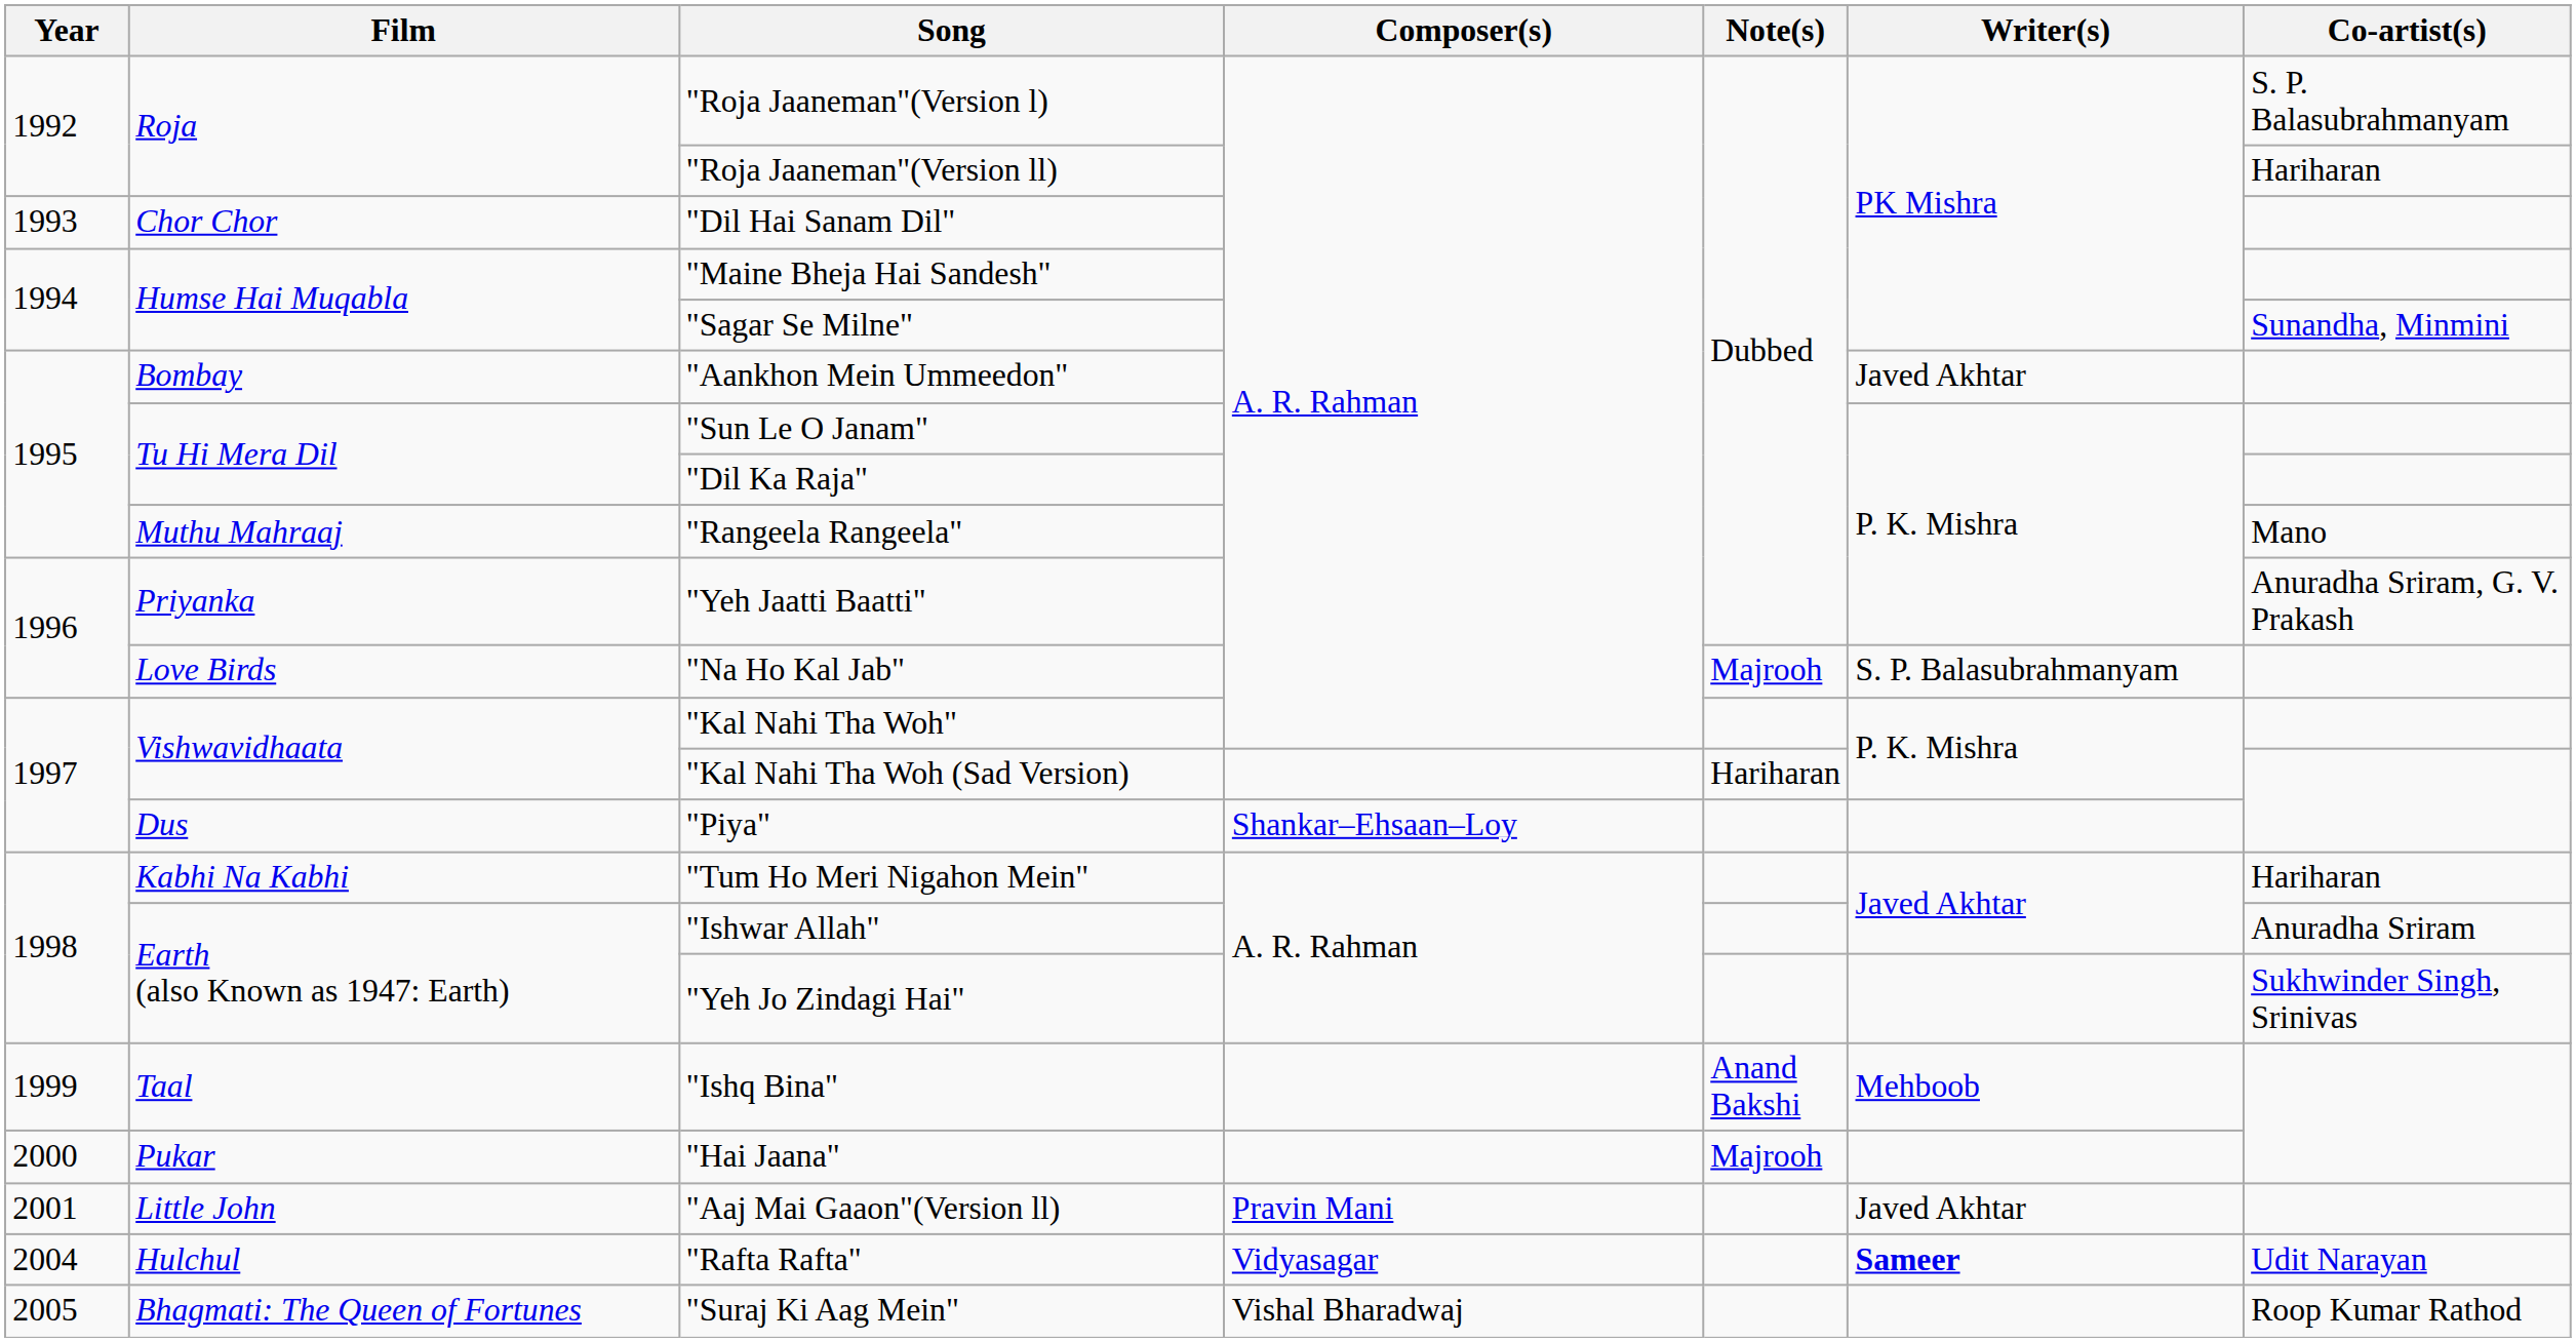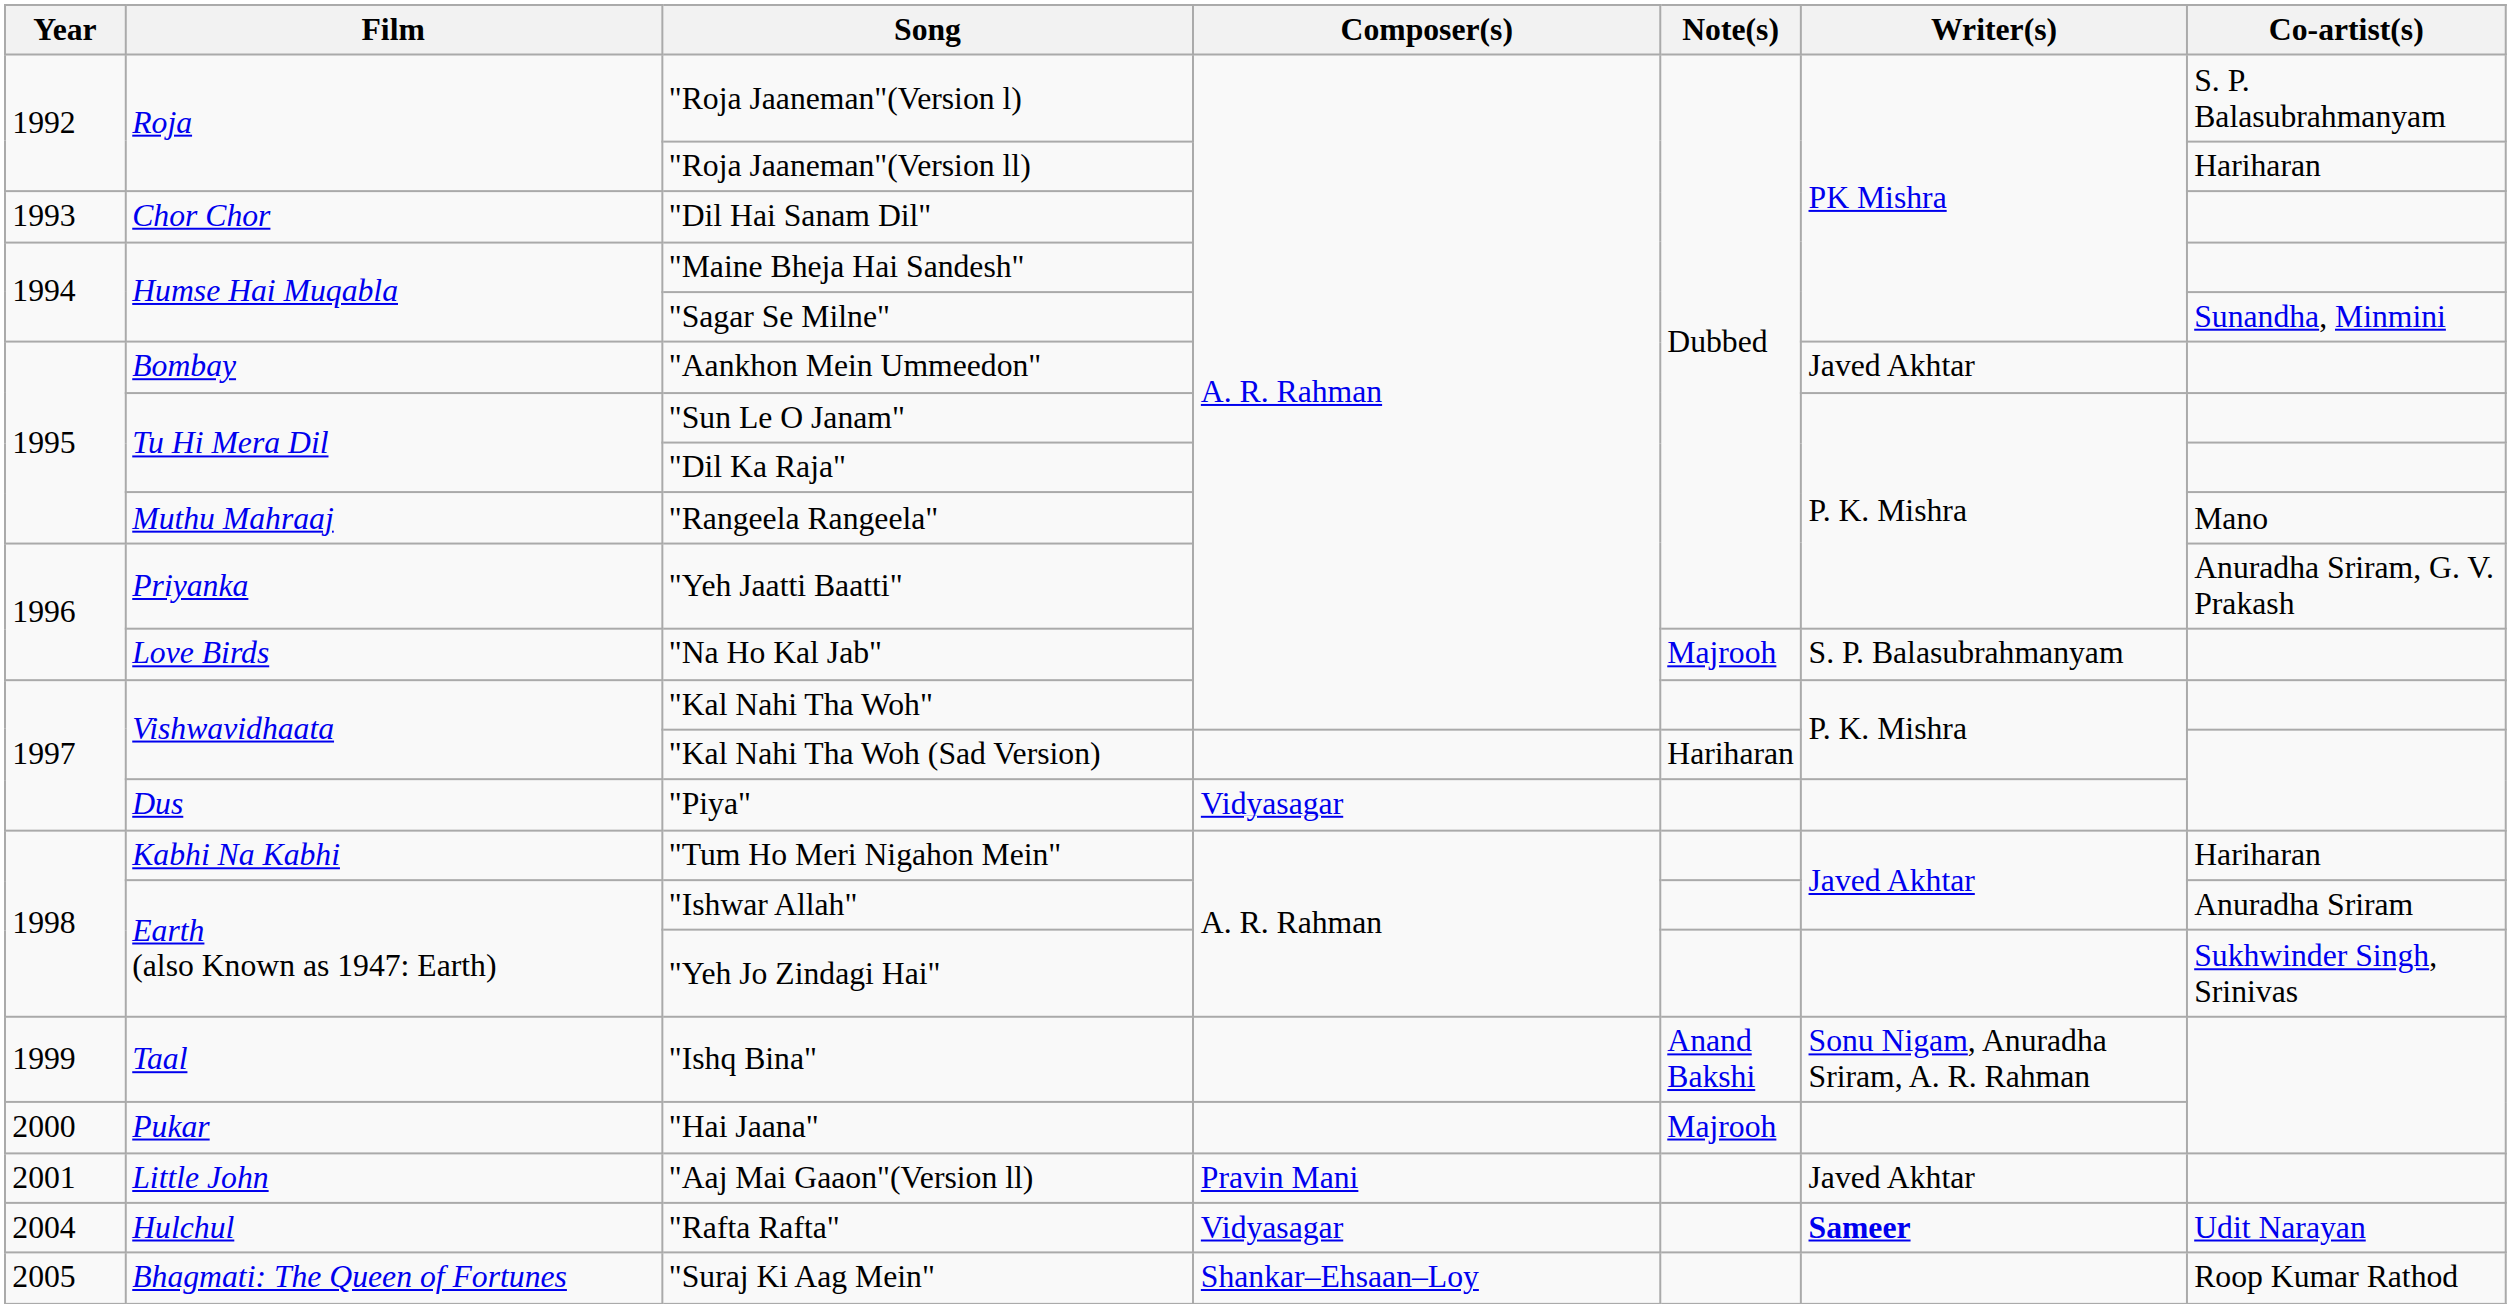 <table class="wikitable plainrowheaders" width="100%" textcolor:#000;">
 <tr style="background:#b0e0e66;">
 <th scope="col" width=5%><strong>Year</strong></th>
 <th scope="col" width=23%><strong>Film</strong></th>
 <th scope="col" width=23%><strong>Song</strong></th>
 <th scope="col" width=20%><strong>Composer(s)</strong></th>
 <th>Note(s)</th>
 <th scope="col" width=16%><strong>Writer(s)</strong></th>
 <th scope="col" width=18%><strong>Co-artist(s)</strong></th>
 </tr>
 <tr>
 <td rowspan="2">1992</td>
 <td rowspan="2"><em><a href='#'>Roja</a></em></td>
 <td>"Roja Jaaneman"(Version l)</td>
 <td rowspan="12"><a href='#'>A. R. Rahman</a></td>
 <td rowspan="10">Dubbed</td>
 <td rowspan="5"><a href='#'>PK Mishra</a></td>
 <td>S. P. Balasubrahmanyam</td>
 </tr>
 <tr>
 <td>"Roja Jaaneman"(Version ll)</td>
 <td>Hariharan</td>
 </tr>
 <tr>
 <td>1993</td>
 <td><em><a href='#'>Chor Chor</a></em></td>
 <td>"Dil Hai Sanam Dil"</td>
 <td></td>
 </tr>
 <tr>
 <td rowspan="2">1994</td>
 <td rowspan="2"><em><a href='#'>Humse Hai Muqabla</a></em></td>
 <td>"Maine Bheja Hai Sandesh"</td>
 <td></td>
 </tr>
 <tr>
 <td>"Sagar Se Milne"</td>
 <td><a href='#'>Sunandha</a>, <a href='#'>Minmini</a></td>
 </tr>
 <tr>
 <td rowspan="4">1995</td>
 <td><em><a href='#'>Bombay</a></em></td>
 <td>"Aankhon Mein Ummeedon"</td>
 <td>Javed Akhtar</td>
 <td></td>
 </tr>
 <tr>
 <td rowspan="2"><em><a href='#'>Tu Hi Mera Dil</a></em></td>
 <td>"Sun Le O Janam"</td>
 <td rowspan="4">P. K. Mishra</td>
 <td></td>
 </tr>
 <tr>
 <td>"Dil Ka Raja"</td>
 <td></td>
 </tr>
 <tr>
 <td><em><a href='#'>Muthu Mahraaj</a></em></td>
 <td>"Rangeela Rangeela"</td>
 <td>Mano</td>
 </tr>
 <tr>
 <td rowspan="2">1996</td>
 <td><em><a href='#'>Priyanka</a></em></td>
 <td>"Yeh Jaatti Baatti"</td>
 <td>Anuradha Sriram, G. V. Prakash</td>
 </tr>
 <tr>
 <td><em><a href='#'>Love Birds</a></em></td>
 <td>"Na Ho Kal Jab"</td>
 <td><a href='#'>Majrooh</a></td>
 <td>S. P. Balasubrahmanyam</td>
 </tr>
 <tr>
 <td rowspan="3">1997</td>
 <td rowspan="2"><em><a href='#'>Vishwavidhaata</a></em></td>
 <td>"Kal Nahi Tha Woh"</td>
 <td></td>
 <td rowspan="2">P. K. Mishra</td>
 <td></td>
 </tr>
 <tr>
 <td>"Kal Nahi Tha Woh (Sad Version)</td>
 <td></td>
 <td>Hariharan</td>
 </tr>
 <tr>
 <td><em><a href='#'>Dus</a></em></td>
 <td>"Piya"</td>
-<td><a href='#'>Shankar–Ehsaan–Loy</a></td>
+<td><a href='#'>Vidyasagar</a></td>
 <td></td>
 <td></td>
 </tr>
 <tr>
 <td rowspan="3">1998</td>
 <td><em><a href='#'>Kabhi Na Kabhi</a></em></td>
 <td>"Tum Ho Meri Nigahon Mein"</td>
 <td rowspan="3">A. R. Rahman</td>
 <td></td>
 <td rowspan="2"><a href='#'>Javed Akhtar</a></td>
 <td>Hariharan</td>
 </tr>
 <tr>
 <td rowspan="2"><em><a href='#'>Earth</a></em> <br> (also Known as 1947: Earth)</td>
 <td>"Ishwar Allah"</td>
 <td></td>
 <td>Anuradha Sriram</td>
 </tr>
 <tr>
 <td>"Yeh Jo Zindagi Hai"</td>
 <td></td>
 <td></td>
 <td><a href='#'>Sukhwinder Singh</a>, Srinivas</td>
 </tr>
 <tr>
 <td>1999</td>
 <td><em><a href='#'>Taal</a></em></td>
 <td>"Ishq Bina"</td>
 <td></td>
 <td><a href='#'>Anand Bakshi</a></td>
-<td><a href='#'>Mehboob</a></td>
+<td><a href='#'>Sonu Nigam</a>, Anuradha Sriram, A. R. Rahman</td>
 </tr>
 <tr>
 <td>2000</td>
 <td><em><a href='#'>Pukar</a></em></td>
 <td>"Hai Jaana"</td>
 <td></td>
 <td><a href='#'>Majrooh</a></td>
 <td></td>
 </tr>
 <tr>
 <td>2001</td>
 <td><em><a href='#'>Little John</a></em></td>
 <td>"Aaj Mai Gaaon"(Version ll)</td>
 <td><a href='#'>Pravin Mani</a></td>
 <td></td>
 <td>Javed Akhtar</td>
 <td></td>
 </tr>
 <tr>
 <td>2004</td>
 <td><em><a href='#'>Hulchul</a></em></td>
 <td>"Rafta Rafta"</td>
 <td><a href='#'>Vidyasagar</a></td>
 <td></td>
 <td><strong><a href='#'>Sameer</a></strong></td>
 <td><a href='#'>Udit Narayan</a></td>
 </tr>
 <tr>
 <td>2005</td>
 <td><em><a href='#'>Bhagmati: The Queen of Fortunes</a></em></td>
 <td>"Suraj Ki Aag Mein"</td>
-<td>Vishal Bharadwaj</td>
+<td><a href='#'>Shankar–Ehsaan–Loy</a></td>
 <td></td>
 <td></td>
 <td>Roop Kumar Rathod</td>
 </tr>
 </table>
